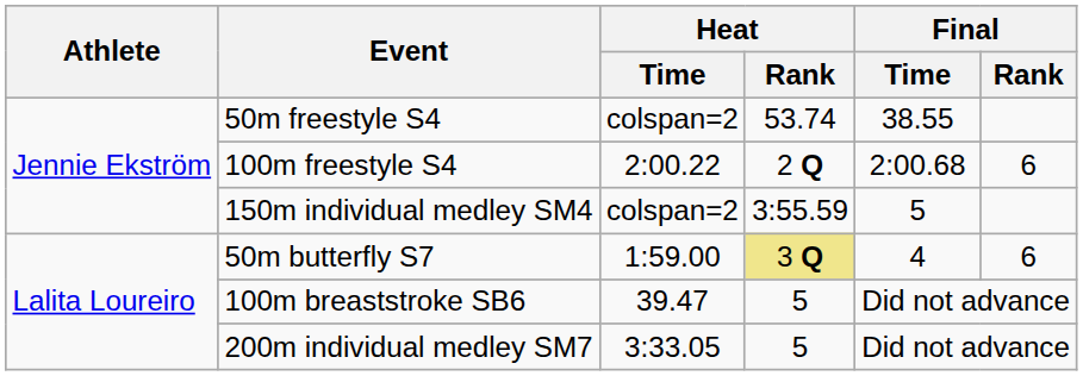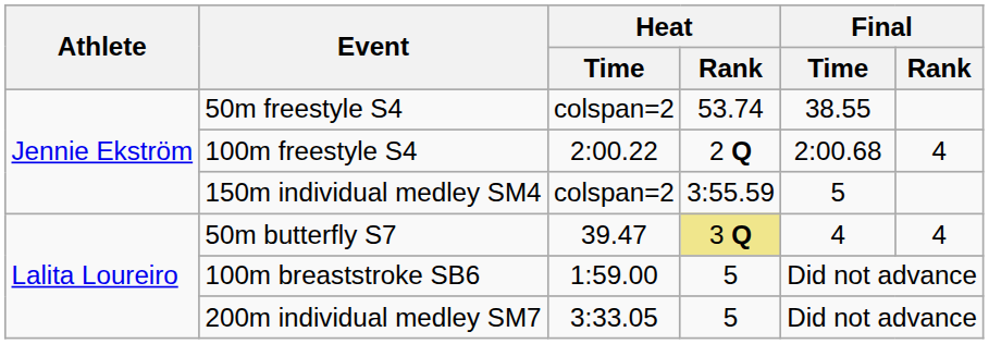 <table class=wikitable style="font-size:90%">
 <tr>
 <th rowspan="2">Athlete</th>
 <th rowspan="2">Event</th>
 <th colspan="2">Heat</th>
 <th colspan="2">Final</th>
 </tr>
 <tr>
 <th>Time</th>
 <th>Rank</th>
 <th>Time</th>
 <th>Rank</th>
 </tr>
 <tr align=center>
 <td align=left rowspan=3><a href='#'>Jennie Ekström</a></td>
 <td align=left>50m freestyle S4</td>
 <td>colspan=2 </td>
 <td>53.74</td>
 <td>38.55</td>
 </tr>
 <tr align=center>
 <td align=left>100m freestyle S4</td>
 <td>2:00.22</td>
 <td>2 <strong>Q</strong></td>
 <td>2:00.68</td>
-<td>6</td>
+<td>4</td>
 </tr>
 <tr align=center>
 <td align=left>150m individual medley SM4</td>
 <td>colspan=2 </td>
 <td>3:55.59</td>
 <td>5</td>
 </tr>
 <tr align=center>
 <td align=left rowspan=3><a href='#'>Lalita Loureiro</a></td>
 <td align=left>50m butterfly S7</td>
-<td>1:59.00</td>
+<td>39.47</td>
 <td style="background: khaki;">3 <strong>Q</strong></td>
 <td>4</td>
-<td>6</td>
+<td>4</td>
 </tr>
 <tr align=center>
 <td align=left>100m breaststroke SB6</td>
-<td>39.47</td>
+<td>1:59.00</td>
 <td>5</td>
 <td colspan=2>Did not advance</td>
 </tr>
 <tr align=center>
 <td align=left>200m individual medley SM7</td>
 <td>3:33.05</td>
 <td>5</td>
 <td colspan=2>Did not advance</td>
 </tr>
 </table>
